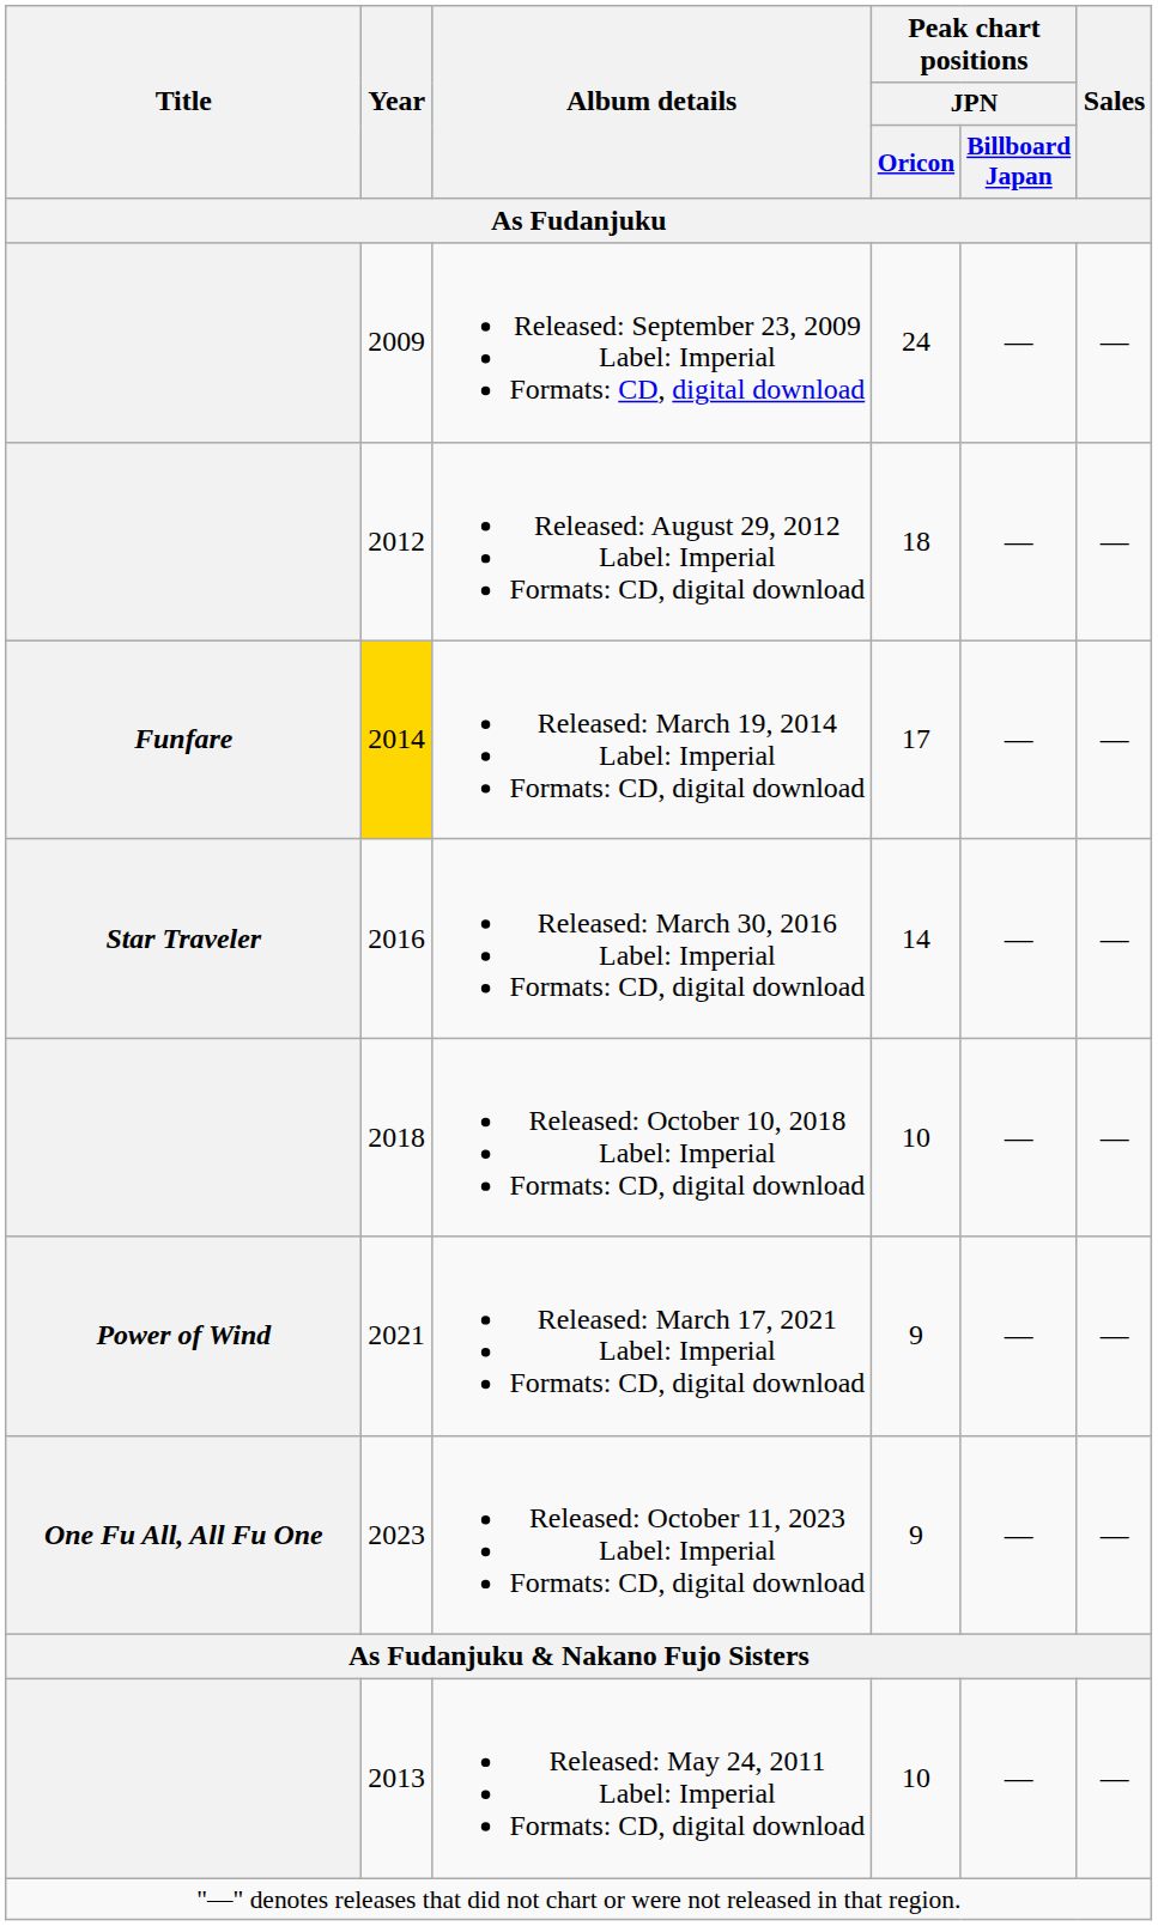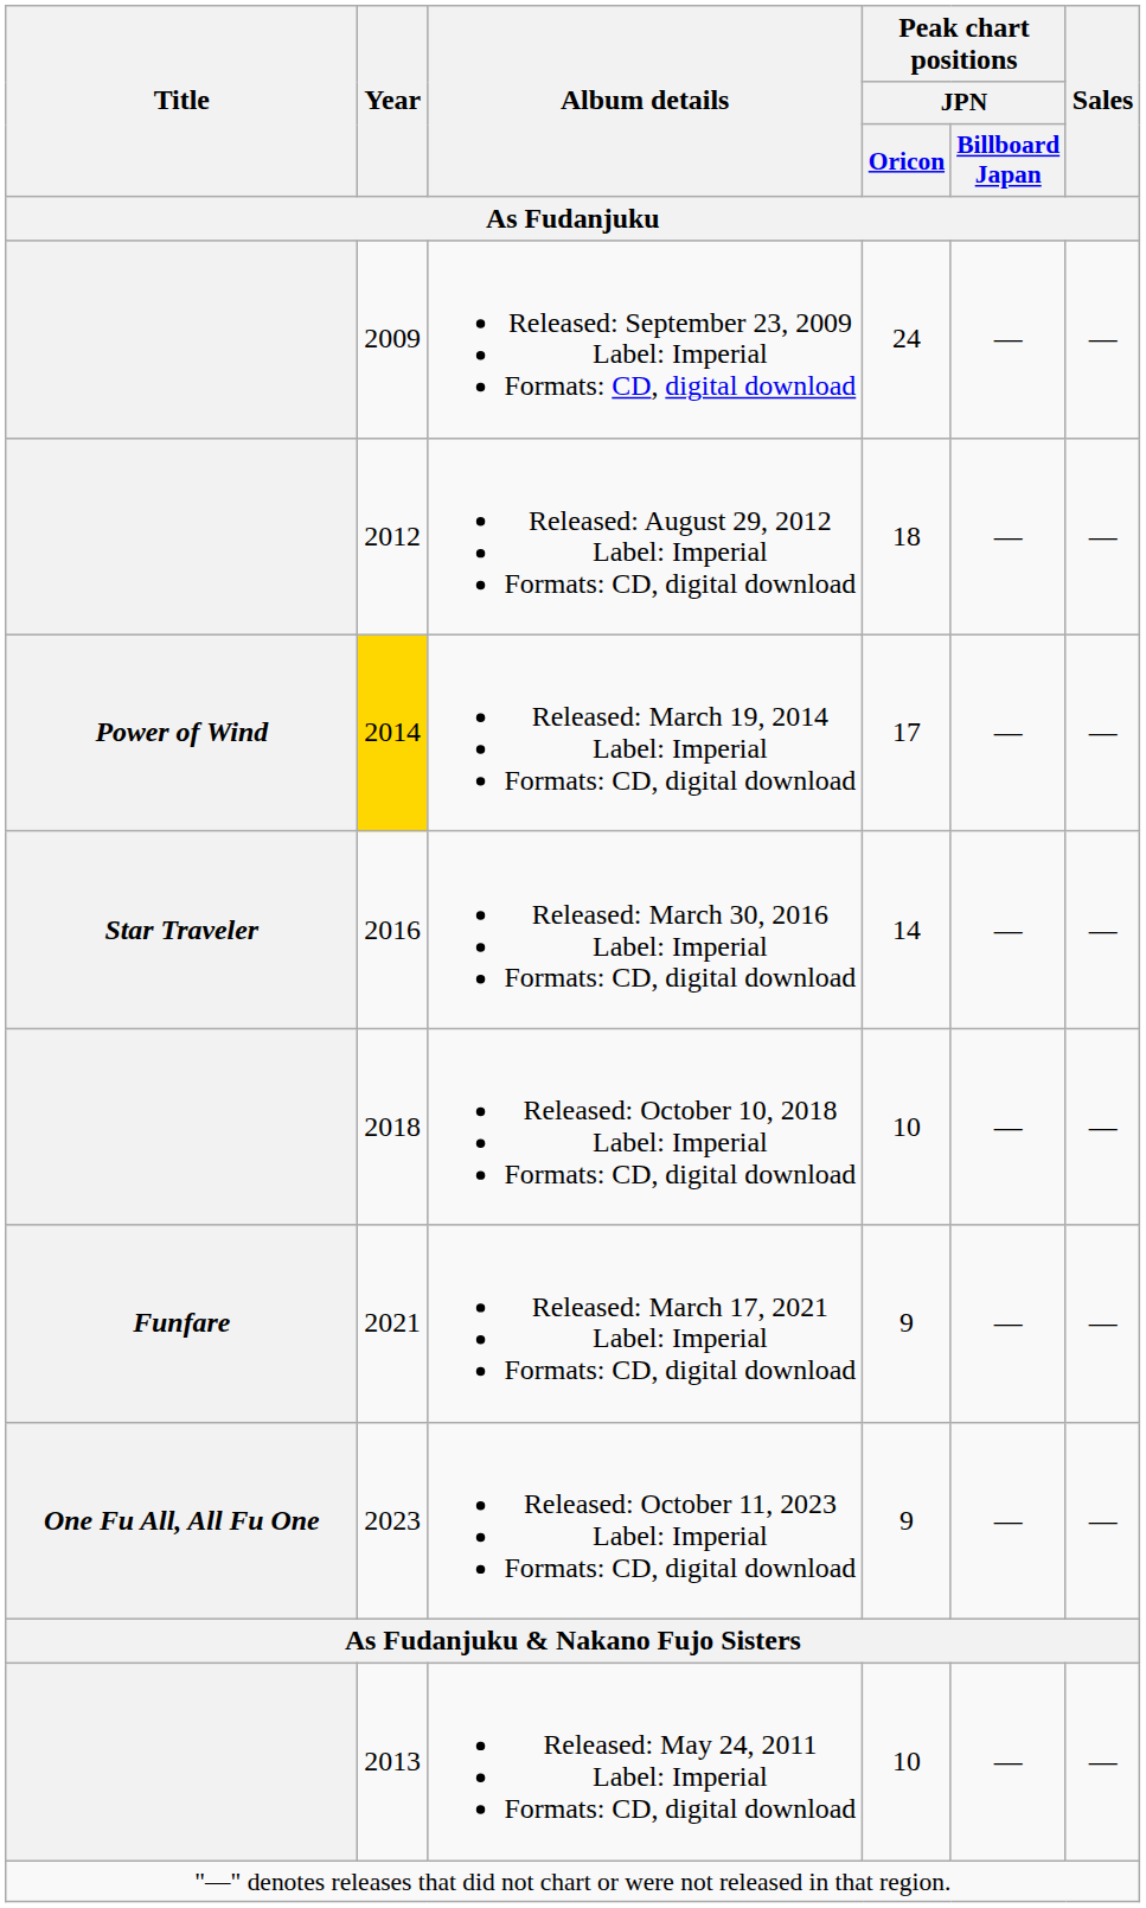 <table class="wikitable plainrowheaders" style="text-align:center;">
 <tr>
 <th scope="col" rowspan="3" style="width:12em;">Title</th>
 <th scope="col" rowspan="3">Year</th>
 <th scope="col" rowspan="3">Album details</th>
 <th scope="col" colspan="2">Peak chart positions</th>
 <th scope="col" rowspan="3">Sales</th>
 </tr>
 <tr>
 <th scope="col" style="width:3em;font-size:90%;" colspan="2">JPN</th>
 </tr>
 <tr>
 <th scope="col" style="width:3em;font-size:90%;"><a href='#'>Oricon</a></th>
 <th scope="col" style="width:3em;font-size:90%;"><a href='#'>Billboard Japan</a></th>
 </tr>
 <tr>
 <th scope="col" colspan="6">As Fudanjuku</th>
 </tr>
 <tr>
 <th scope="row"></th>
 <td>2009</td>
 <td><br><ul><li>Released: September 23, 2009</li><li>Label: Imperial</li><li>Formats: <a href='#'>CD</a>, <a href='#'>digital download</a></li></ul></td>
 <td>24</td>
 <td>—</td>
 <td>—</td>
 </tr>
 <tr>
 <th scope="row"></th>
 <td>2012</td>
 <td><br><ul><li>Released: August 29, 2012</li><li>Label: Imperial</li><li>Formats: CD, digital download</li></ul></td>
 <td>18</td>
 <td>—</td>
 <td>—</td>
 </tr>
 <tr>
-<th scope="row"><em>Funfare</em></th>
+<th scope="row"><em>Power of Wind</em></th>
 <td style="background: gold;">2014</td>
 <td><br><ul><li>Released: March 19, 2014</li><li>Label: Imperial</li><li>Formats: CD, digital download</li></ul></td>
 <td>17</td>
 <td>—</td>
 <td>—</td>
 </tr>
 <tr>
 <th scope="row"><em>Star Traveler</em></th>
 <td>2016</td>
 <td><br><ul><li>Released: March 30, 2016</li><li>Label: Imperial</li><li>Formats: CD, digital download</li></ul></td>
 <td>14</td>
 <td>—</td>
 <td>—</td>
 </tr>
 <tr>
 <th scope="row"></th>
 <td>2018</td>
 <td><br><ul><li>Released: October 10, 2018</li><li>Label: Imperial</li><li>Formats: CD, digital download</li></ul></td>
 <td>10</td>
 <td>—</td>
 <td>—</td>
 </tr>
 <tr>
-<th scope="row"><em>Power of Wind</em></th>
+<th scope="row"><em>Funfare</em></th>
 <td>2021</td>
 <td><br><ul><li>Released: March 17, 2021</li><li>Label: Imperial</li><li>Formats: CD, digital download</li></ul></td>
 <td>9</td>
 <td>—</td>
 <td>—</td>
 </tr>
 <tr>
 <th scope="row"><em>One Fu All, All Fu One</em></th>
 <td>2023</td>
 <td><br><ul><li>Released: October 11, 2023</li><li>Label: Imperial</li><li>Formats: CD, digital download</li></ul></td>
 <td>9</td>
 <td>—</td>
 <td>—</td>
 </tr>
 <tr>
 <th scope="col" colspan="6">As Fudanjuku & Nakano Fujo Sisters</th>
 </tr>
 <tr>
 <th scope="row"></th>
 <td>2013</td>
 <td><br><ul><li>Released: May 24, 2011</li><li>Label: Imperial</li><li>Formats: CD, digital download</li></ul></td>
 <td>10</td>
 <td>—</td>
 <td>—</td>
 </tr>
 <tr>
 <td colspan="6" style="font-size:90%;">"—" denotes releases that did not chart or were not released in that region.</td>
 </tr>
 </table>
